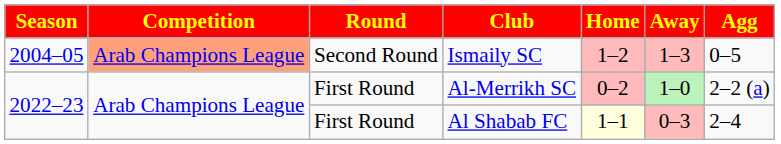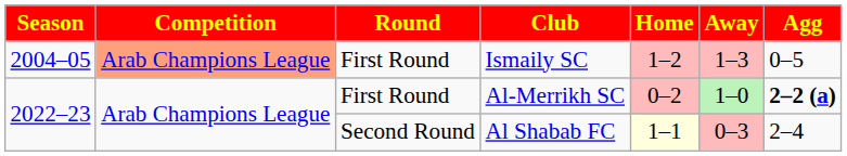 <table class="wikitable">
 <tr>
 <th style="color:#FFFF00; background: #FF0000;">Season</th>
 <th style="color:#FFFF00; background: #FF0000;">Competition</th>
 <th style="color:#FFFF00; background: #FF0000;">Round</th>
 <th style="color:#FFFF00; background:#FF0000;">Club</th>
 <th style="color:#FFFF00; background:#FF0000;">Home</th>
 <th style="color:#FFFF00; background:#FF0000;">Away</th>
 <th style="color:#FFFF00; background:#FF0000;">Agg</th>
 </tr>
 <tr>
 <td rowspan=1><a href='#'>2004–05</a></td>
 <td rowspan=1 style="background: lightsalmon;"><a href='#'>Arab Champions League</a></td>
-<td>Second Round</td>
+<td rowspan=1>First Round</td>
 <td> <a href='#'>Ismaily SC</a></td>
 <td align="center" style="background: #FFBBBB;">1–2</td>
 <td align="center" style="background: #FFBBBB;">1–3</td>
 <td>0–5</td>
 </tr>
 <tr>
 <td rowspan=2><a href='#'>2022–23</a></td>
 <td rowspan=2><a href='#'>Arab Champions League</a></td>
 <td>First Round</td>
 <td> <a href='#'>Al-Merrikh SC</a></td>
 <td align="center" colspan="1" style="background: #FFBBBB;">0–2</td>
 <td align="center" style="background: #BBF3BB;">1–0</td>
-<td>2–2 (<a href='#'>a</a>)</td>
+<td><strong>2–2 (<a href='#'>a</a>)</strong></td>
 </tr>
 <tr>
-<td rowspan=1>First Round</td>
+<td>Second Round</td>
 <td> <a href='#'>Al Shabab FC</a></td>
 <td align="center" style="background: #ffd;">1–1</td>
 <td align="center" style="background: #FFBBBB;">0–3</td>
 <td>2–4</td>
 </tr>
 </table>
